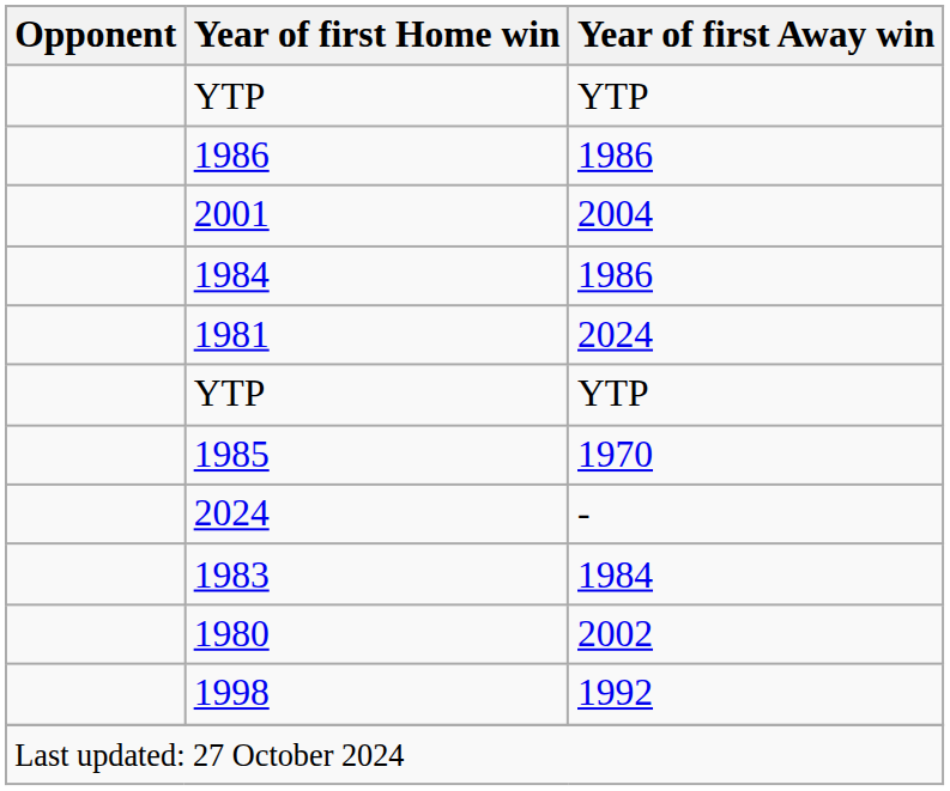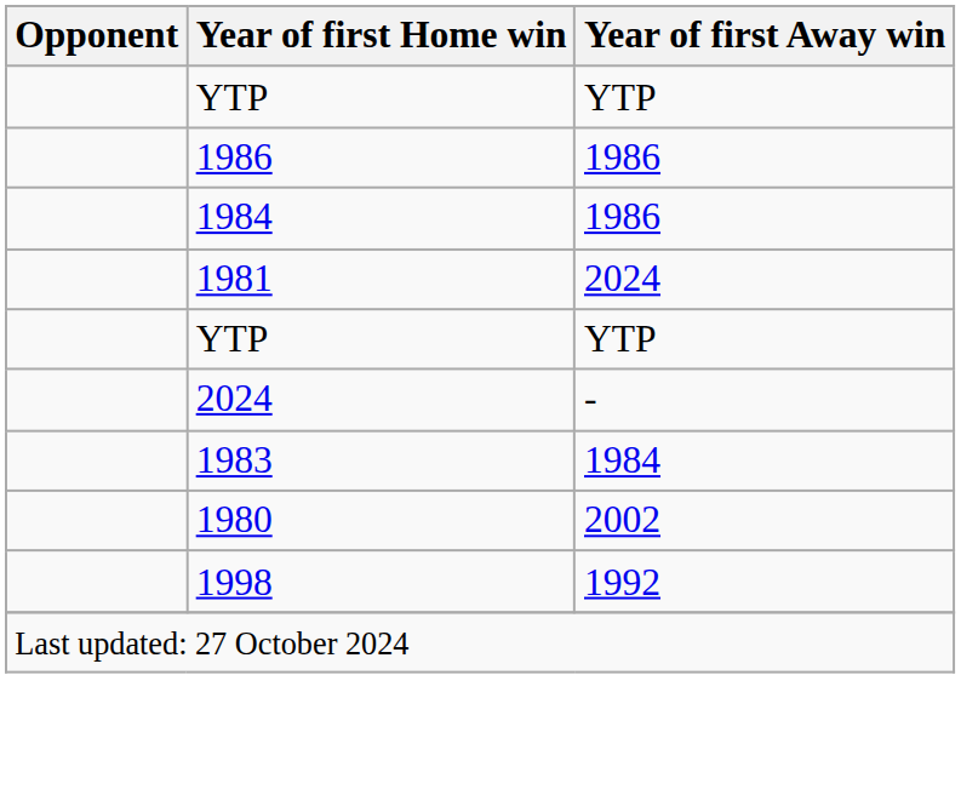 <table class="wikitable plainrowheaders sortable" style=align:center;>
 <tr>
 <th>Opponent</th>
 <th>Year of first Home win</th>
 <th>Year of first Away win</th>
 </tr>
 <tr>
 <td></td>
 <td>YTP</td>
 <td>YTP</td>
 </tr>
 <tr>
 <td></td>
 <td><a href='#'>1986</a></td>
 <td><a href='#'>1986</a></td>
 </tr>
 <tr>
 <td></td>
-<td><a href='#'>2001</a></td>
-<td><a href='#'>2004</a></td>
-</tr>
-<tr>
-<td></td>
 <td><a href='#'>1984</a></td>
 <td><a href='#'>1986</a></td>
 </tr>
 <tr>
 <td></td>
 <td><a href='#'>1981</a></td>
 <td><a href='#'>2024</a></td>
 </tr>
 <tr>
 <td></td>
 <td>YTP</td>
 <td>YTP</td>
-</tr>
-<tr>
-<td></td>
-<td><a href='#'>1985</a></td>
-<td><a href='#'>1970</a></td>
 </tr>
 <tr>
 <td></td>
 <td><a href='#'>2024</a></td>
 <td>-</td>
 </tr>
 <tr>
 <td></td>
 <td><a href='#'>1983</a></td>
 <td><a href='#'>1984</a></td>
 </tr>
 <tr>
 <td></td>
 <td><a href='#'>1980</a></td>
 <td><a href='#'>2002</a></td>
 </tr>
 <tr>
 <td></td>
 <td><a href='#'>1998</a></td>
 <td><a href='#'>1992</a></td>
 </tr>
 <tr>
 </tr>
 <tr class=sortbottom>
 <td colspan=3><small>Last updated: 27 October 2024</small></td>
 </tr>
 </table>
